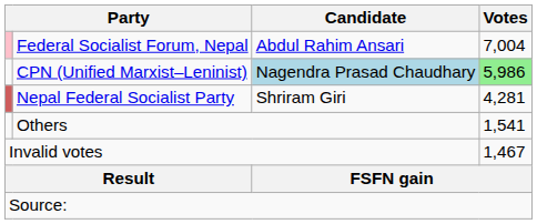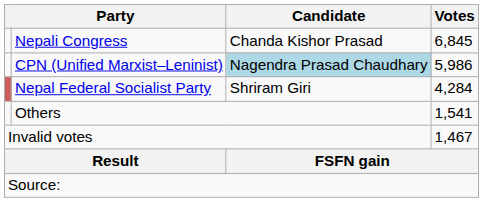 <table class="wikitable">
 <tr>
 <th colspan="2">Party</th>
 <th>Candidate</th>
 <th>Votes</th>
 </tr>
 <tr>
-<td style="background-color:#ffc0cb"></td>
-<td><a href='#'>Federal Socialist Forum, Nepal</a></td>
-<td><a href='#'>Abdul Rahim Ansari</a></td>
-<td>7,004</td>
+<td style="background-color:"></td>
+<td><a href='#'>Nepali Congress</a></td>
+<td>Chanda Kishor Prasad</td>
+<td>6,845</td>
 </tr>
 <tr>
 <td style="background-color:"></td>
 <td><a href='#'>CPN (Unified Marxist–Leninist)</a></td>
 <td style="background: lightblue;">Nagendra Prasad Chaudhary</td>
-<td style="background: lightgreen;">5,986</td>
+<td>5,986</td>
 </tr>
 <tr>
 <td style="background-color:#CD5C5C"></td>
 <td><a href='#'>Nepal Federal Socialist Party</a></td>
 <td>Shriram Giri</td>
-<td>4,281</td>
+<td>4,284</td>
 </tr>
 <tr>
 <td></td>
 <td colspan="2">Others</td>
 <td>1,541</td>
 </tr>
 <tr>
 <td colspan="3">Invalid votes</td>
 <td>1,467</td>
 </tr>
 <tr>
 <th colspan="2">Result</th>
 <th colspan="2">FSFN gain</th>
 </tr>
 <tr>
 <td colspan="4">Source: </td>
 </tr>
 </table>
